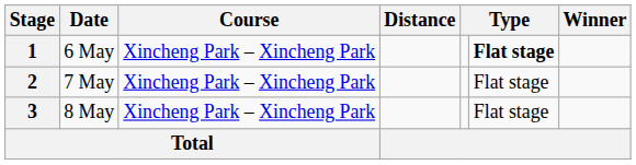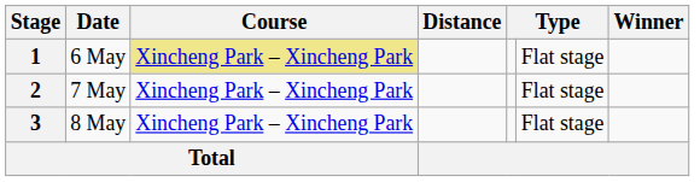 <table class=wikitable>
 <tr>
 <th>Stage</th>
 <th>Date</th>
 <th>Course</th>
 <th>Distance</th>
 <th colspan=2>Type</th>
 <th>Winner</th>
 </tr>
 <tr>
 <th align=center>1</th>
 <td align=center>6 May</td>
-<td><a href='#'>Xincheng Park</a> – <a href='#'>Xincheng Park</a></td>
+<td style="background: khaki;"><a href='#'>Xincheng Park</a> – <a href='#'>Xincheng Park</a></td>
 <td align=center></td>
 <td align=center></td>
-<td><strong>Flat stage</strong></td>
+<td>Flat stage</td>
 <td></td>
 </tr>
 <tr>
 <th align=center>2</th>
 <td align=center>7 May</td>
 <td><a href='#'>Xincheng Park</a> – <a href='#'>Xincheng Park</a></td>
 <td align=center></td>
 <td align=center></td>
 <td>Flat stage</td>
 <td></td>
 </tr>
 <tr>
 <th align=center>3</th>
 <td align=center>8 May</td>
 <td><a href='#'>Xincheng Park</a> – <a href='#'>Xincheng Park</a></td>
 <td align=center></td>
 <td align=center></td>
 <td>Flat stage</td>
 <td></td>
 </tr>
 <tr>
 <th colspan=3 align=center>Total</th>
 <th colspan=5 align=center></th>
 </tr>
 </table>
